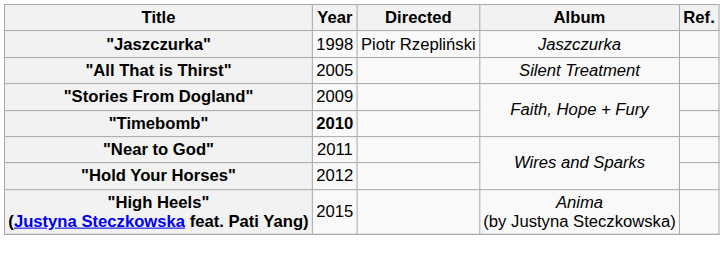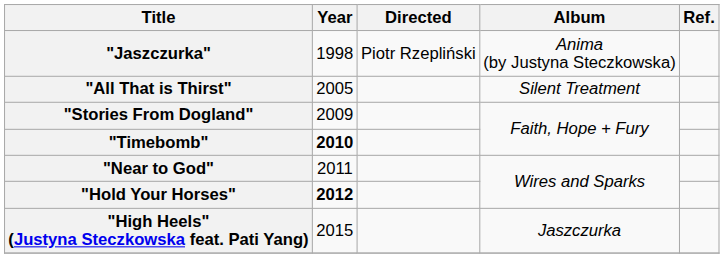 <table class="wikitable plainrowheaders" style="text-align:center;">
 <tr>
 <th scope="col">Title</th>
 <th scope="col">Year</th>
 <th scope="col">Directed</th>
 <th scope="col">Album</th>
 <th scope="col">Ref.</th>
 </tr>
 <tr>
 <th scope="row">"Jaszczurka"</th>
 <td>1998</td>
 <td>Piotr Rzepliński</td>
-<td><em>Jaszczurka</em></td>
+<td><em>Anima</em><br>(by Justyna Steczkowska)</td>
 <td></td>
 </tr>
 <tr>
 <th scope="row">"All That is Thirst"</th>
 <td>2005</td>
 <td></td>
 <td><em>Silent Treatment</em></td>
 <td></td>
 </tr>
 <tr>
 <th scope="row">"Stories From Dogland"</th>
 <td>2009</td>
 <td></td>
 <td rowspan = 2><em>Faith, Hope + Fury</em></td>
 <td></td>
 </tr>
 <tr>
 <th scope="row">"Timebomb"</th>
 <td><strong>2010</strong></td>
 <td></td>
 <td></td>
 </tr>
 <tr>
 <th scope="row">"Near to God"</th>
 <td>2011</td>
 <td></td>
 <td rowspan=2><em>Wires and Sparks</em></td>
 <td></td>
 </tr>
 <tr>
 <th scope="row">"Hold Your Horses"</th>
-<td>2012</td>
+<td><strong>2012</strong></td>
 <td></td>
 <td></td>
 </tr>
 <tr>
 <th scope="row">"High Heels"<br>(<a href='#'>Justyna Steczkowska</a> feat. Pati Yang)</th>
 <td>2015</td>
 <td></td>
-<td><em>Anima</em><br>(by Justyna Steczkowska)</td>
+<td><em>Jaszczurka</em></td>
 <td></td>
 </tr>
 <tr>
 </tr>
 </table>
